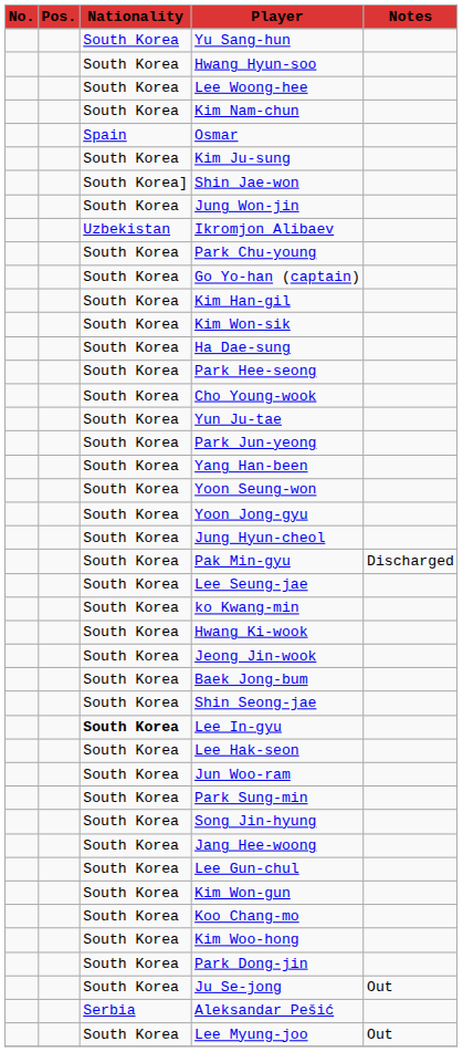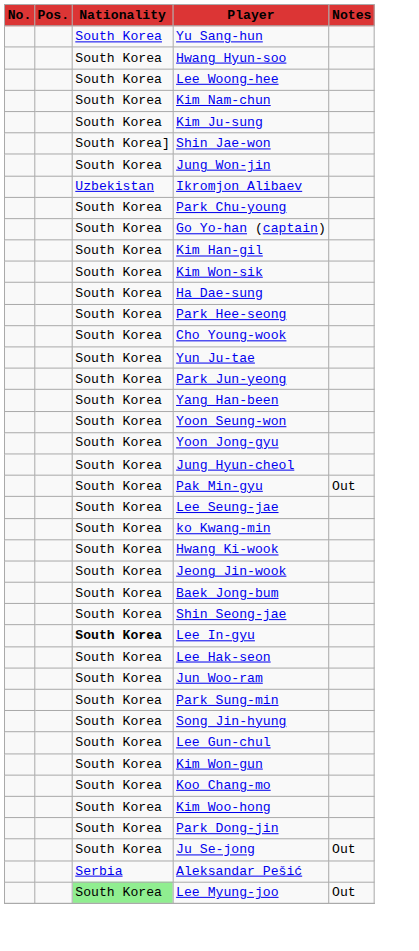 <table class="wikitable sortable" style="text-align: left;">
 <tr>
 <th style="color:#000000; background:#DC3535;">No.</th>
 <th style="color:#000000; background:#DC3535;">Pos.</th>
 <th style="color:#000000; background:#DC3535;">Nationality</th>
 <th style="color:#000000; background:#DC3535;">Player</th>
 <th style="color:#000000; background:#DC3535;">Notes</th>
 </tr>
 <tr>
 <td></td>
 <td></td>
 <td> <a href='#'>South Korea</a></td>
 <td><a href='#'>Yu Sang-hun</a></td>
 <td></td>
 </tr>
 <tr>
 <td></td>
 <td></td>
 <td> South Korea</td>
 <td><a href='#'>Hwang Hyun-soo</a></td>
 <td></td>
 </tr>
 <tr>
 <td></td>
 <td></td>
 <td> South Korea</td>
 <td><a href='#'>Lee Woong-hee</a></td>
 <td></td>
 </tr>
 <tr>
 <td></td>
 <td></td>
 <td> South Korea</td>
 <td><a href='#'>Kim Nam-chun</a></td>
-<td></td>
-</tr>
-<tr>
-<td></td>
-<td></td>
-<td> <a href='#'>Spain</a></td>
-<td><a href='#'>Osmar</a></td>
 <td></td>
 </tr>
 <tr>
 <td></td>
 <td></td>
 <td> South Korea</td>
 <td><a href='#'>Kim Ju-sung</a></td>
 <td></td>
 </tr>
 <tr>
 <td></td>
 <td></td>
 <td> South Korea]</td>
 <td><a href='#'>Shin Jae-won</a></td>
 <td></td>
 </tr>
 <tr>
 <td></td>
 <td></td>
 <td> South Korea</td>
 <td><a href='#'>Jung Won-jin</a></td>
 <td></td>
 </tr>
 <tr>
 <td></td>
 <td></td>
 <td> <a href='#'>Uzbekistan</a></td>
 <td><a href='#'>Ikromjon Alibaev</a></td>
 <td></td>
 </tr>
 <tr>
 <td></td>
 <td></td>
 <td> South Korea</td>
 <td><a href='#'>Park Chu-young</a></td>
 <td></td>
 </tr>
 <tr>
 <td></td>
 <td></td>
 <td> South Korea</td>
 <td><a href='#'>Go Yo-han</a> (<a href='#'>captain</a>)</td>
 <td></td>
 </tr>
 <tr>
 <td></td>
 <td></td>
 <td> South Korea</td>
 <td><a href='#'>Kim Han-gil</a></td>
 <td></td>
 </tr>
 <tr>
 <td></td>
 <td></td>
 <td> South Korea</td>
 <td><a href='#'>Kim Won-sik</a></td>
 <td></td>
 </tr>
 <tr>
 <td></td>
 <td></td>
 <td> South Korea</td>
 <td><a href='#'>Ha Dae-sung</a></td>
 <td></td>
 </tr>
 <tr>
 <td></td>
 <td></td>
 <td> South Korea</td>
 <td><a href='#'>Park Hee-seong</a></td>
 <td></td>
 </tr>
 <tr>
 <td></td>
 <td></td>
 <td> South Korea</td>
 <td><a href='#'>Cho Young-wook</a></td>
 <td></td>
 </tr>
 <tr>
 <td></td>
 <td></td>
 <td> South Korea</td>
 <td><a href='#'>Yun Ju-tae</a></td>
 <td></td>
 </tr>
 <tr>
 <td></td>
 <td></td>
 <td> South Korea</td>
 <td><a href='#'>Park Jun-yeong</a></td>
 <td></td>
 </tr>
 <tr>
 <td></td>
 <td></td>
 <td> South Korea</td>
 <td><a href='#'>Yang Han-been</a></td>
 <td></td>
 </tr>
 <tr>
 <td></td>
 <td></td>
 <td> South Korea</td>
 <td><a href='#'>Yoon Seung-won</a></td>
 <td></td>
 </tr>
 <tr>
 <td></td>
 <td></td>
 <td> South Korea</td>
 <td><a href='#'>Yoon Jong-gyu</a></td>
 <td></td>
 </tr>
 <tr>
 <td></td>
 <td></td>
 <td> South Korea</td>
 <td><a href='#'>Jung Hyun-cheol</a></td>
 <td></td>
 </tr>
 <tr>
 <td></td>
 <td></td>
 <td> South Korea</td>
 <td><a href='#'>Pak Min-gyu</a></td>
-<td>Discharged</td>
+<td>Out</td>
 </tr>
 <tr>
 <td></td>
 <td></td>
 <td> South Korea</td>
 <td><a href='#'>Lee Seung-jae</a></td>
 <td></td>
 </tr>
 <tr>
 <td></td>
 <td></td>
 <td> South Korea</td>
 <td><a href='#'>ko Kwang-min</a></td>
 <td></td>
 </tr>
 <tr>
 <td></td>
 <td></td>
 <td> South Korea</td>
 <td><a href='#'>Hwang Ki-wook</a></td>
 <td></td>
 </tr>
 <tr>
 <td></td>
 <td></td>
 <td> South Korea</td>
 <td><a href='#'>Jeong Jin-wook</a></td>
 <td></td>
 </tr>
 <tr>
 <td></td>
 <td></td>
 <td> South Korea</td>
 <td><a href='#'>Baek Jong-bum</a></td>
 <td></td>
 </tr>
 <tr>
 <td></td>
 <td></td>
 <td> South Korea</td>
 <td><a href='#'>Shin Seong-jae</a></td>
 <td></td>
 </tr>
 <tr>
 <td></td>
 <td></td>
 <td><strong> South Korea</strong></td>
 <td><a href='#'>Lee In-gyu</a></td>
 <td></td>
 </tr>
 <tr>
 <td></td>
 <td></td>
 <td> South Korea</td>
 <td><a href='#'>Lee Hak-seon</a></td>
 <td></td>
 </tr>
 <tr>
 <td></td>
 <td></td>
 <td> South Korea</td>
 <td><a href='#'>Jun Woo-ram</a></td>
 <td></td>
 </tr>
 <tr>
 <td></td>
 <td></td>
 <td> South Korea</td>
 <td><a href='#'>Park Sung-min</a></td>
 <td></td>
 </tr>
 <tr>
 <td></td>
 <td></td>
 <td> South Korea</td>
 <td><a href='#'>Song Jin-hyung</a></td>
 <td></td>
 </tr>
 <tr>
 <td></td>
 <td></td>
 <td> South Korea</td>
-<td><a href='#'>Jang Hee-woong</a></td>
-<td></td>
-</tr>
-<tr>
-<td></td>
-<td></td>
-<td> South Korea</td>
 <td><a href='#'>Lee Gun-chul</a></td>
 <td></td>
 </tr>
 <tr>
 <td></td>
 <td></td>
 <td> South Korea</td>
 <td><a href='#'>Kim Won-gun</a></td>
 <td></td>
 </tr>
 <tr>
 <td></td>
 <td></td>
 <td> South Korea</td>
 <td><a href='#'>Koo Chang-mo</a></td>
 <td></td>
 </tr>
 <tr>
 <td></td>
 <td></td>
 <td> South Korea</td>
 <td><a href='#'>Kim Woo-hong</a></td>
 <td></td>
 </tr>
 <tr>
 <td></td>
 <td></td>
 <td> South Korea</td>
 <td><a href='#'>Park Dong-jin</a></td>
 <td></td>
 </tr>
 <tr>
 <td></td>
 <td></td>
 <td> South Korea</td>
 <td><a href='#'>Ju Se-jong</a></td>
 <td>Out</td>
 </tr>
 <tr>
 <td></td>
 <td></td>
 <td> <a href='#'>Serbia</a></td>
 <td><a href='#'>Aleksandar Pešić</a></td>
 <td></td>
 </tr>
 <tr>
 <td></td>
 <td></td>
-<td> South Korea</td>
+<td style="background: lightgreen;"> South Korea</td>
 <td><a href='#'>Lee Myung-joo</a></td>
 <td>Out</td>
 </tr>
 <tr>
 </tr>
 </table>
